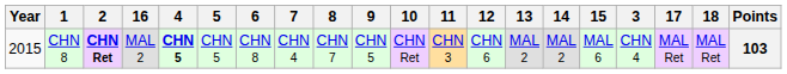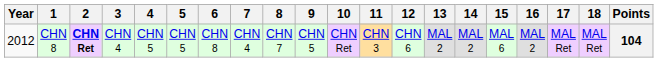 <table class="wikitable" style="text-align:center; font-size:90%">
 <tr>
 <th>Year</th>
 <th>1</th>
 <th>2</th>
-<th>16</th>
+<th>3</th>
 <th>4</th>
 <th>5</th>
 <th>6</th>
 <th>7</th>
 <th>8</th>
 <th>9</th>
 <th>10</th>
 <th>11</th>
 <th>12</th>
 <th>13</th>
 <th>14</th>
 <th>15</th>
-<th>3</th>
+<th>16</th>
 <th>17</th>
 <th>18</th>
 <th>Points</th>
 </tr>
 <tr>
-<td>2015</td>
+<td>2012</td>
 <td bgcolor=dfffdf><a href='#'>CHN</a><br><small>8</small></td>
 <td bgcolor=efcfff><strong><a href='#'>CHN</a><br><small>Ret</small></strong></td>
-<td bgcolor=dfdfdf><a href='#'>MAL</a><br><small>2</small></td>
-<td bgcolor=dfffdf><strong><a href='#'>CHN</a><br><small>5</small></strong></td>
+<td bgcolor=dfffdf><a href='#'>CHN</a><br><small>4</small></td>
+<td bgcolor=dfffdf><a href='#'>CHN</a><br><small>5</small></td>
 <td bgcolor=dfffdf><a href='#'>CHN</a><br><small>5</small></td>
 <td bgcolor=dfffdf><a href='#'>CHN</a><br><small>8</small></td>
 <td bgcolor=dfffdf><a href='#'>CHN</a><br><small>4</small></td>
 <td bgcolor=dfffdf><a href='#'>CHN</a><br><small>7</small></td>
 <td bgcolor=dfffdf><a href='#'>CHN</a><br><small>5</small></td>
 <td bgcolor=efcfff><a href='#'>CHN</a><br><small>Ret</small></td>
 <td bgcolor=ffdf9f><a href='#'>CHN</a><br><small>3</small></td>
 <td bgcolor=dfffdf><a href='#'>CHN</a><br><small>6</small></td>
 <td bgcolor=dfdfdf><a href='#'>MAL</a><br><small>2</small></td>
 <td bgcolor=dfdfdf><a href='#'>MAL</a><br><small>2</small></td>
 <td bgcolor=dfffdf><a href='#'>MAL</a><br><small>6</small></td>
-<td bgcolor=dfffdf><a href='#'>CHN</a><br><small>4</small></td>
+<td bgcolor=dfdfdf><a href='#'>MAL</a><br><small>2</small></td>
 <td bgcolor=efcfff><a href='#'>MAL</a><br><small>Ret</small></td>
 <td bgcolor=efcfff><a href='#'>MAL</a><br><small>Ret</small></td>
-<th>103</th>
+<th>104</th>
 </tr>
 </table>
